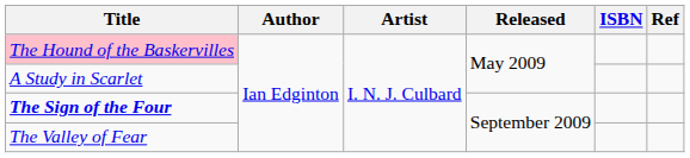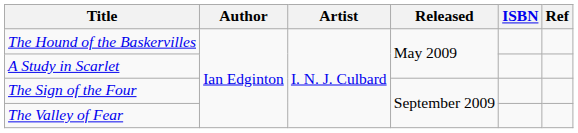 <table class="wikitable">
 <tr>
 <th>Title</th>
 <th>Author</th>
 <th>Artist</th>
 <th>Released</th>
 <th><a href='#'>ISBN</a></th>
 <th>Ref</th>
 </tr>
 <tr>
-<td style="background: pink;"><em><a href='#'>The Hound of the Baskervilles</a></em></td>
+<td><em><a href='#'>The Hound of the Baskervilles</a></em></td>
 <td rowspan="4"><a href='#'>Ian Edginton</a></td>
 <td rowspan="4"><a href='#'>I. N. J. Culbard</a></td>
 <td rowspan="2">May 2009</td>
 <td></td>
 <td></td>
 </tr>
 <tr>
 <td><em><a href='#'>A Study in Scarlet</a></em></td>
 <td></td>
 <td></td>
 </tr>
 <tr>
-<td><strong><em><a href='#'>The Sign of the Four</a></em></strong></td>
+<td><em><a href='#'>The Sign of the Four</a></em></td>
 <td rowspan="2">September 2009</td>
 <td></td>
 <td></td>
 </tr>
 <tr>
 <td><em><a href='#'>The Valley of Fear</a></em></td>
 <td></td>
 <td></td>
 </tr>
 </table>
